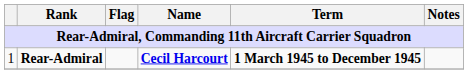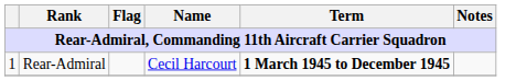 <table class="wikitable">
 <tr>
 <th></th>
 <th>Rank</th>
 <th>Flag</th>
 <th>Name</th>
 <th>Term</th>
 <th>Notes</th>
 </tr>
 <tr>
 <td colspan="6" align="center" style="background:#dcdcfe;"><strong>Rear-Admiral, Commanding 11th Aircraft Carrier Squadron</strong></td>
 </tr>
 <tr>
 <td>1</td>
-<td><strong>Rear-Admiral</strong></td>
+<td>Rear-Admiral</td>
 <td></td>
-<td><strong><a href='#'>Cecil Harcourt</a></strong></td>
+<td><a href='#'>Cecil Harcourt</a></td>
 <td><strong>1 March 1945 to December 1945</strong></td>
 <td></td>
 </tr>
 <tr>
 </tr>
 </table>
